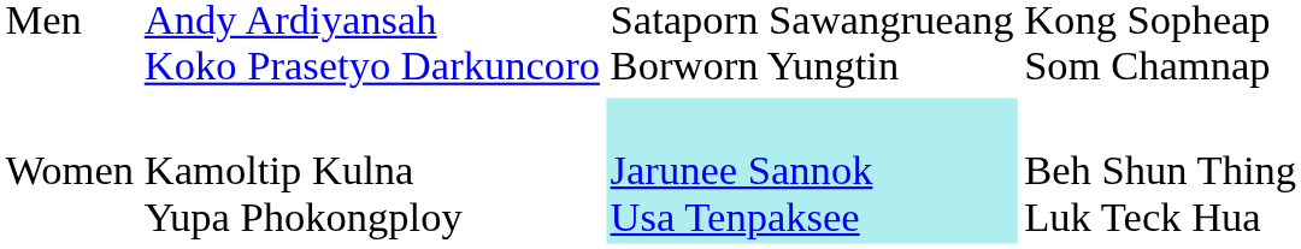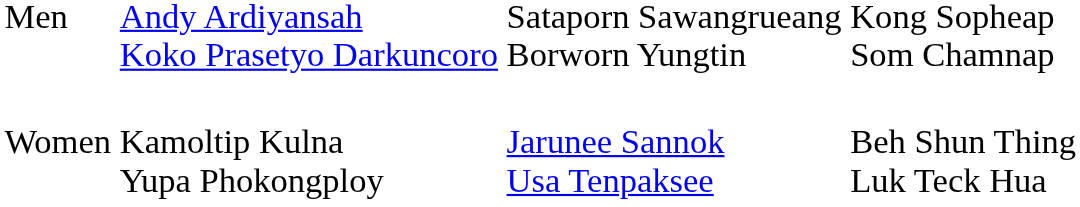 <table>
 <tr>
 <td>Men</td>
 <td nowrap=true><br><a href='#'>Andy Ardiyansah</a><br><a href='#'>Koko Prasetyo Darkuncoro</a></td>
 <td nowrap=true><br>Sataporn Sawangrueang<br>Borworn Yungtin</td>
 <td nowrap=true><br>Kong Sopheap<br>Som Chamnap</td>
 </tr>
 <tr>
 <td>Women</td>
 <td><br>Kamoltip Kulna<br>Yupa Phokongploy</td>
-<td style="background: paleturquoise;"><br><a href='#'>Jarunee Sannok</a><br><a href='#'>Usa Tenpaksee</a></td>
+<td><br><a href='#'>Jarunee Sannok</a><br><a href='#'>Usa Tenpaksee</a></td>
 <td><br>Beh Shun Thing<br>Luk Teck Hua</td>
 </tr>
 </table>
